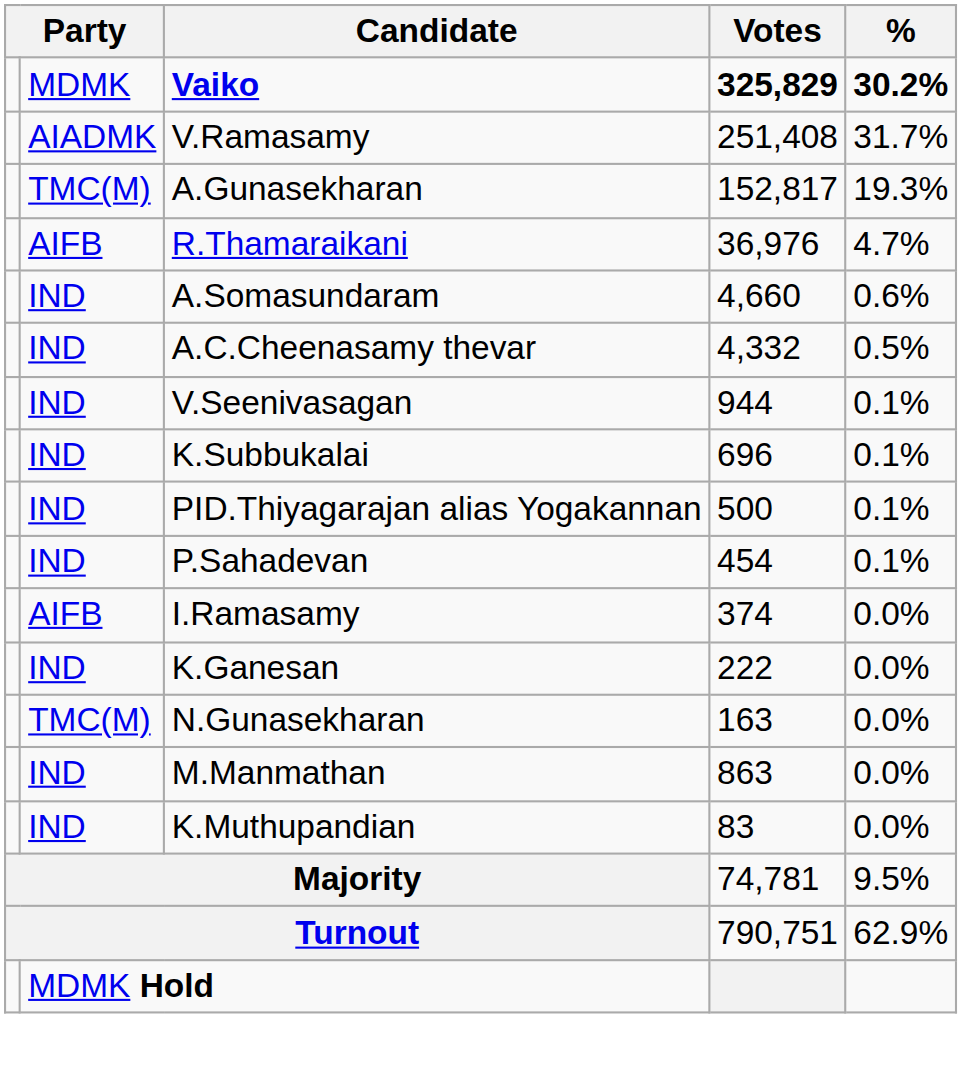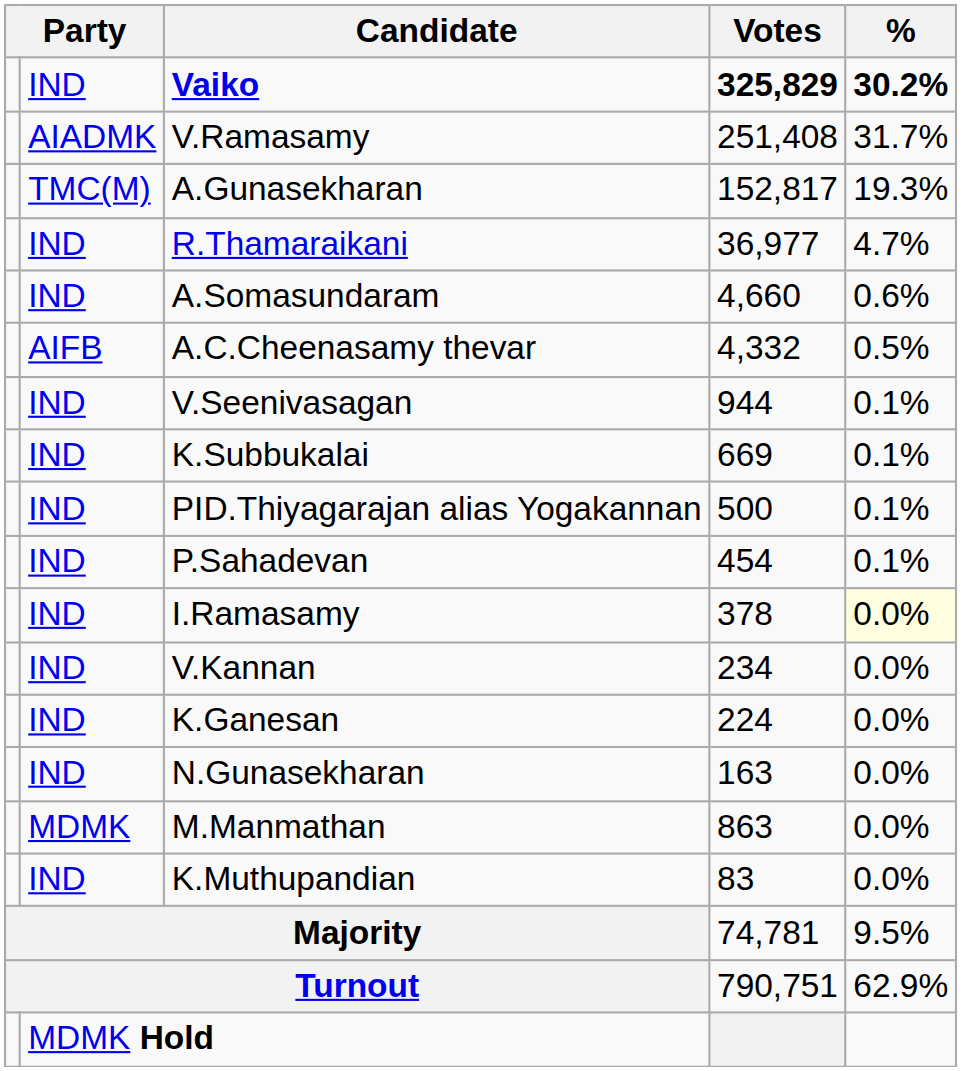 <table class="wikitable">
 <tr>
 <th colspan="2">Party</th>
 <th>Candidate</th>
 <th>Votes</th>
 <th>%</th>
 </tr>
 <tr>
 <td></td>
-<td><a href='#'>MDMK</a></td>
+<td><a href='#'>IND</a></td>
 <td><strong><a href='#'>Vaiko</a></strong></td>
 <td><strong>325,829</strong></td>
 <td><strong>30.2%</strong></td>
 </tr>
 <tr>
 <td></td>
 <td><a href='#'>AIADMK</a></td>
 <td>V.Ramasamy</td>
 <td>251,408</td>
 <td>31.7%</td>
 </tr>
 <tr>
 <td></td>
 <td><a href='#'>TMC(M)</a></td>
 <td>A.Gunasekharan</td>
 <td>152,817</td>
 <td>19.3%</td>
 </tr>
 <tr>
 <td></td>
-<td><a href='#'>AIFB</a></td>
+<td><a href='#'>IND</a></td>
 <td><a href='#'>R.Thamaraikani</a></td>
-<td>36,976</td>
+<td>36,977</td>
 <td>4.7%</td>
 </tr>
 <tr>
 <td></td>
 <td><a href='#'>IND</a></td>
 <td>A.Somasundaram</td>
 <td>4,660</td>
 <td>0.6%</td>
 </tr>
 <tr>
 <td></td>
-<td><a href='#'>IND</a></td>
+<td><a href='#'>AIFB</a></td>
 <td>A.C.Cheenasamy thevar</td>
 <td>4,332</td>
 <td>0.5%</td>
 </tr>
 <tr>
 <td></td>
 <td><a href='#'>IND</a></td>
 <td>V.Seenivasagan</td>
 <td>944</td>
 <td>0.1%</td>
 </tr>
 <tr>
 <td></td>
 <td><a href='#'>IND</a></td>
 <td>K.Subbukalai</td>
-<td>696</td>
+<td>669</td>
 <td>0.1%</td>
 </tr>
 <tr>
 <td></td>
 <td><a href='#'>IND</a></td>
 <td>PID.Thiyagarajan alias Yogakannan</td>
 <td>500</td>
 <td>0.1%</td>
 </tr>
 <tr>
 <td></td>
 <td><a href='#'>IND</a></td>
 <td>P.Sahadevan</td>
 <td>454</td>
 <td>0.1%</td>
 </tr>
 <tr>
 <td></td>
-<td><a href='#'>AIFB</a></td>
+<td><a href='#'>IND</a></td>
 <td>I.Ramasamy</td>
-<td>374</td>
+<td>378</td>
+<td style="background: lightyellow;">0.0%</td>
+</tr>
+<tr>
+<td></td>
+<td><a href='#'>IND</a></td>
+<td>V.Kannan</td>
+<td>234</td>
 <td>0.0%</td>
 </tr>
 <tr>
 <td></td>
 <td><a href='#'>IND</a></td>
 <td>K.Ganesan</td>
-<td>222</td>
+<td>224</td>
 <td>0.0%</td>
 </tr>
 <tr>
 <td></td>
-<td><a href='#'>TMC(M)</a></td>
+<td><a href='#'>IND</a></td>
 <td>N.Gunasekharan</td>
 <td>163</td>
 <td>0.0%</td>
 </tr>
 <tr>
 <td></td>
-<td><a href='#'>IND</a></td>
+<td><a href='#'>MDMK</a></td>
 <td>M.Manmathan</td>
 <td>863</td>
 <td>0.0%</td>
 </tr>
 <tr>
 <td></td>
 <td><a href='#'>IND</a></td>
 <td>K.Muthupandian</td>
 <td>83</td>
 <td>0.0%</td>
 </tr>
 <tr>
 <th colspan="3">Majority</th>
 <td>74,781</td>
 <td>9.5%</td>
 </tr>
 <tr>
 <th colspan="3"><a href='#'>Turnout</a></th>
 <td>790,751</td>
 <td>62.9%</td>
 </tr>
 <tr>
 <td></td>
 <td colspan="2"><a href='#'>MDMK</a> <strong>Hold</strong></td>
 <th></th>
 <td></td>
 </tr>
 </table>
